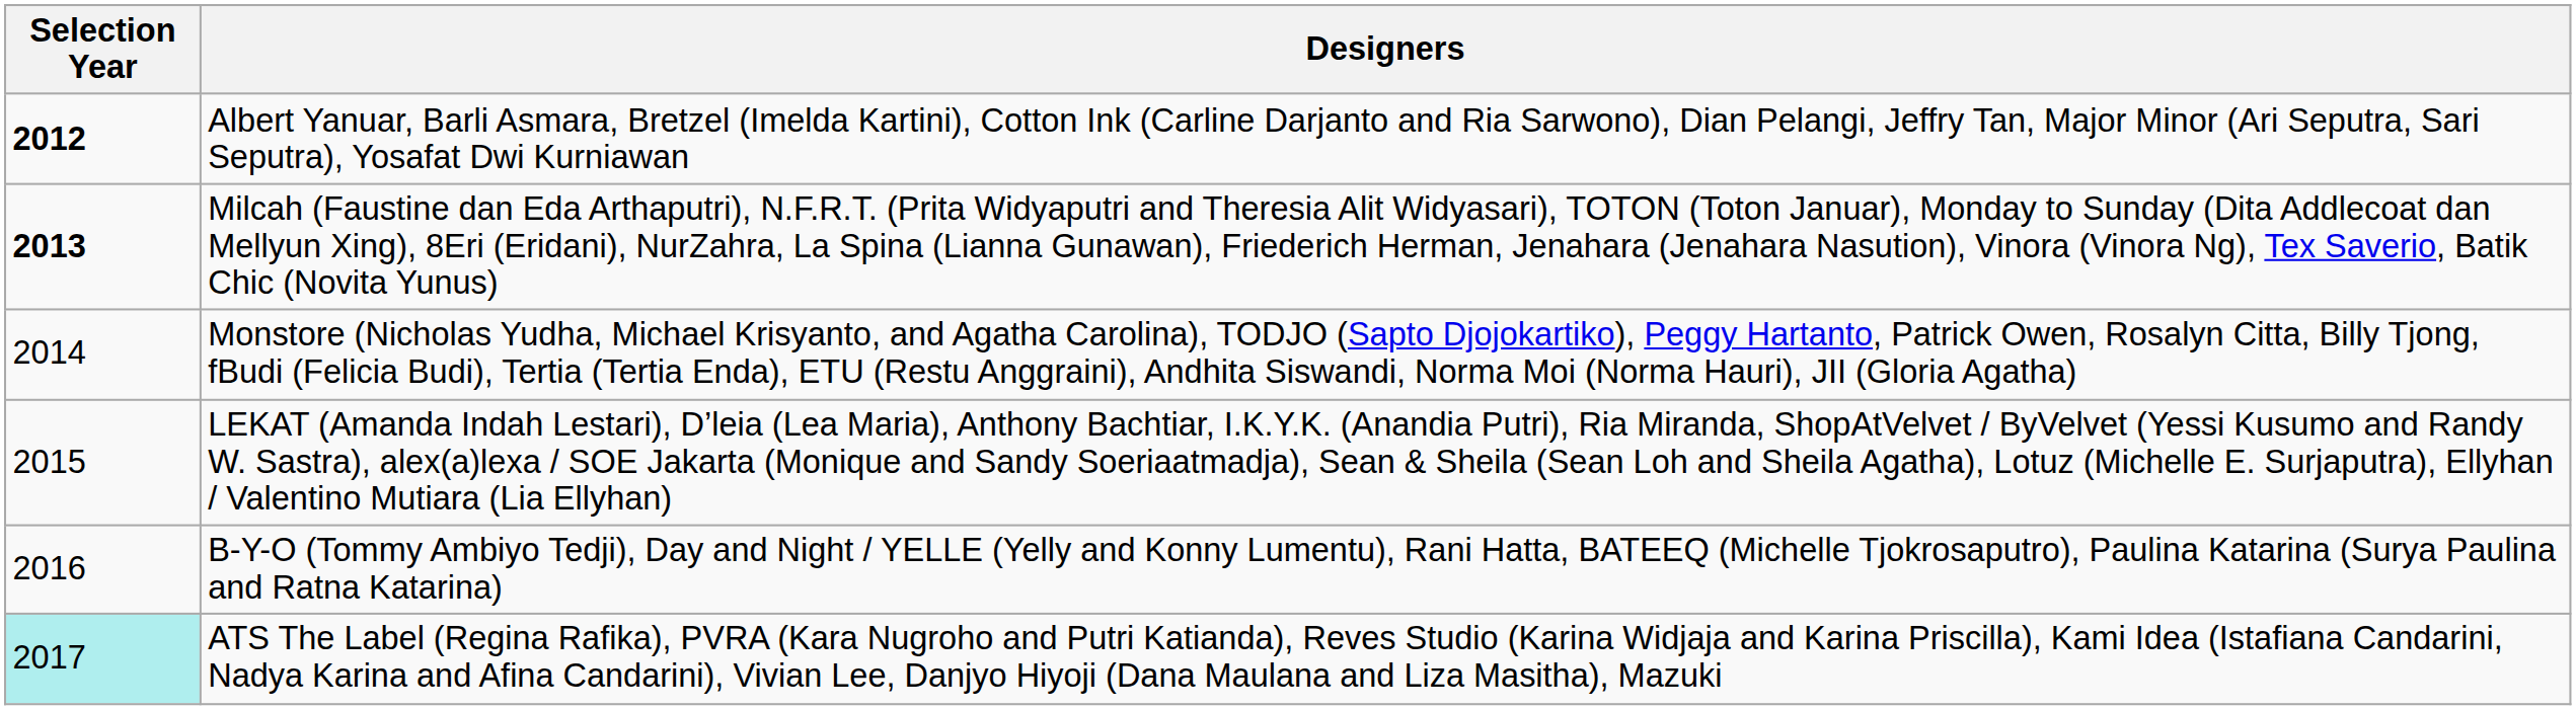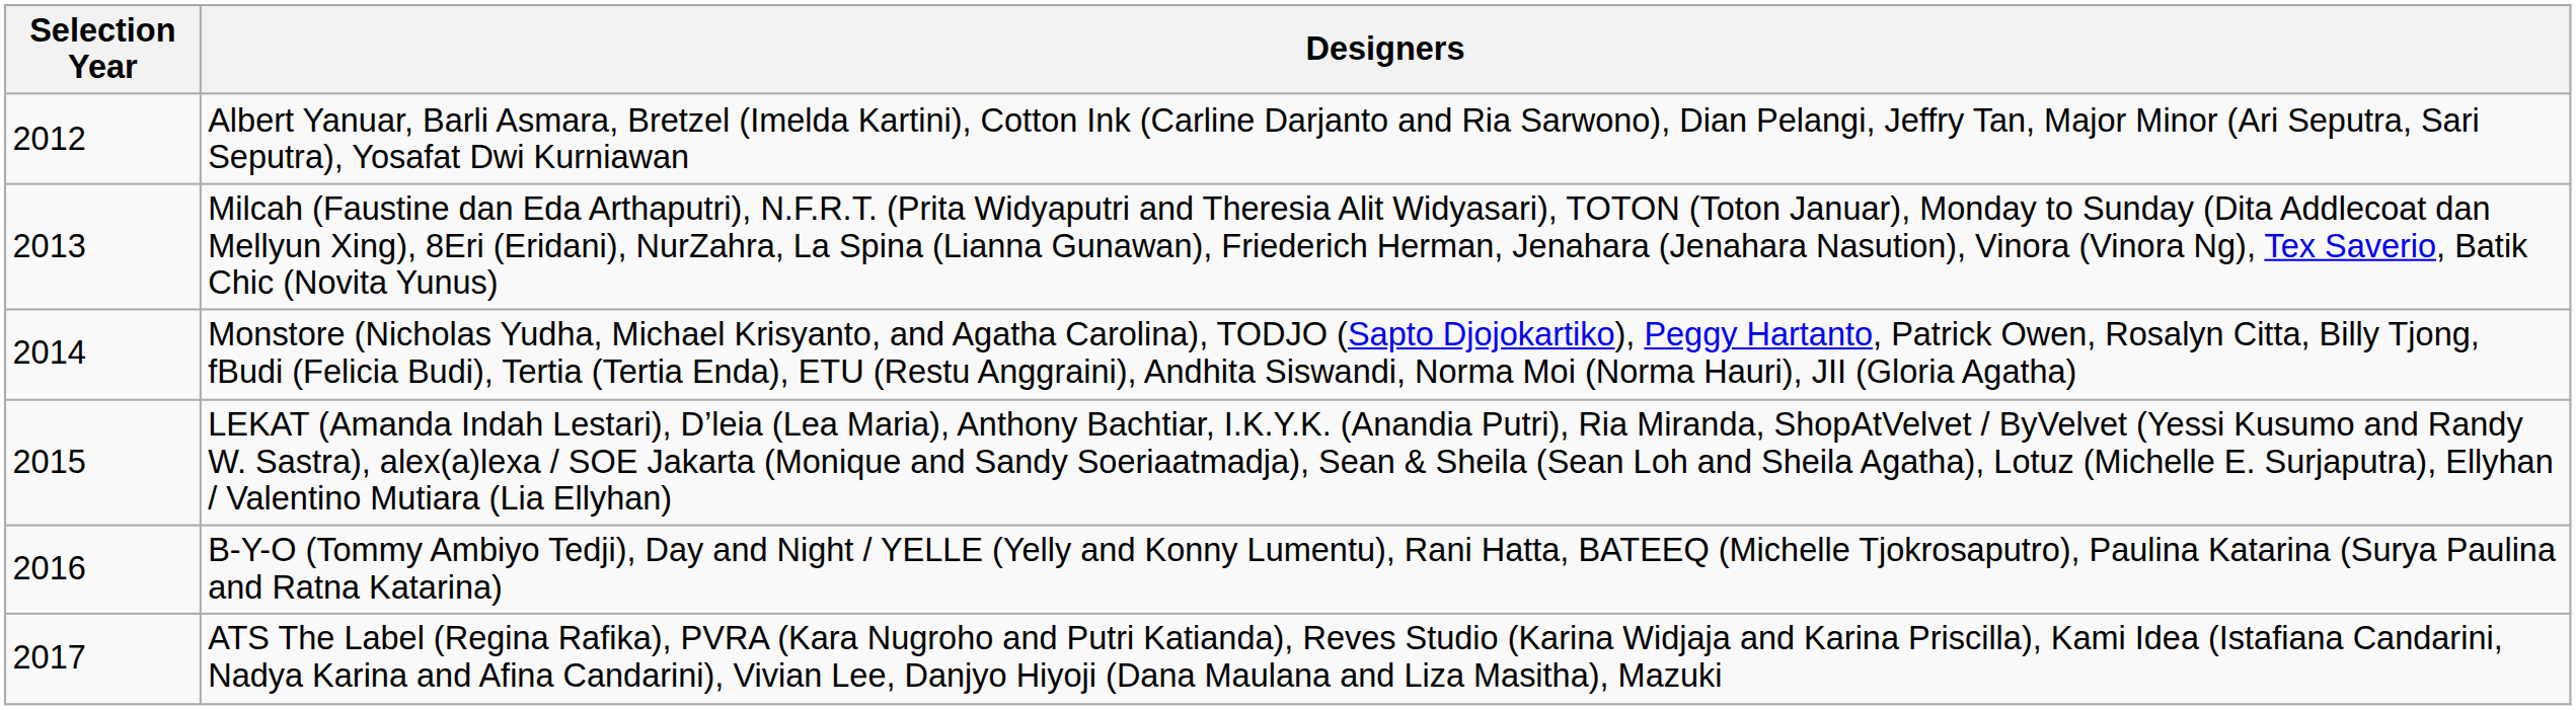 <table class="wikitable">
 <tr>
 <th>Selection Year</th>
 <th>Designers</th>
 </tr>
 <tr>
-<td><strong>2012</strong></td>
+<td>2012</td>
 <td>Albert Yanuar, Barli Asmara, Bretzel (Imelda Kartini), Cotton Ink (Carline Darjanto and Ria Sarwono), Dian Pelangi, Jeffry Tan, Major Minor (Ari Seputra, Sari Seputra), Yosafat Dwi Kurniawan</td>
 </tr>
 <tr>
-<td><strong>2013</strong></td>
+<td>2013</td>
 <td>Milcah (Faustine dan Eda Arthaputri), N.F.R.T. (Prita Widyaputri and Theresia Alit Widyasari), TOTON (Toton Januar), Monday to Sunday (Dita Addlecoat dan Mellyun Xing), 8Eri (Eridani), NurZahra, La Spina (Lianna Gunawan), Friederich Herman, Jenahara (Jenahara Nasution), Vinora (Vinora Ng), <a href='#'>Tex Saverio</a>, Batik Chic (Novita Yunus)</td>
 </tr>
 <tr>
 <td>2014</td>
 <td>Monstore (Nicholas Yudha, Michael Krisyanto, and Agatha Carolina), TODJO (<a href='#'>Sapto Djojokartiko</a>), <a href='#'>Peggy Hartanto</a>, Patrick Owen, Rosalyn Citta, Billy Tjong, fBudi (Felicia Budi), Tertia (Tertia Enda), ETU (Restu Anggraini), Andhita Siswandi, Norma Moi (Norma Hauri), JII (Gloria Agatha)</td>
 </tr>
 <tr>
 <td>2015</td>
 <td>LEKAT (Amanda Indah Lestari), D’leia (Lea Maria), Anthony Bachtiar, I.K.Y.K. (Anandia Putri), Ria Miranda, ShopAtVelvet / ByVelvet (Yessi Kusumo and Randy W. Sastra), alex(a)lexa / SOE Jakarta (Monique and Sandy Soeriaatmadja), Sean & Sheila (Sean Loh and Sheila Agatha), Lotuz (Michelle E. Surjaputra), Ellyhan / Valentino Mutiara (Lia Ellyhan)</td>
 </tr>
 <tr>
 <td>2016</td>
 <td>B-Y-O (Tommy Ambiyo Tedji), Day and Night / YELLE (Yelly and Konny Lumentu), Rani Hatta, BATEEQ (Michelle Tjokrosaputro), Paulina Katarina (Surya Paulina and Ratna Katarina)</td>
 </tr>
 <tr>
-<td style="background: paleturquoise;">2017</td>
+<td>2017</td>
 <td>ATS The Label (Regina Rafika), PVRA (Kara Nugroho and Putri Katianda), Reves Studio (Karina Widjaja and Karina Priscilla), Kami Idea (Istafiana Candarini, Nadya Karina and Afina Candarini), Vivian Lee, Danjyo Hiyoji (Dana Maulana and Liza Masitha), Mazuki</td>
 </tr>
 </table>
